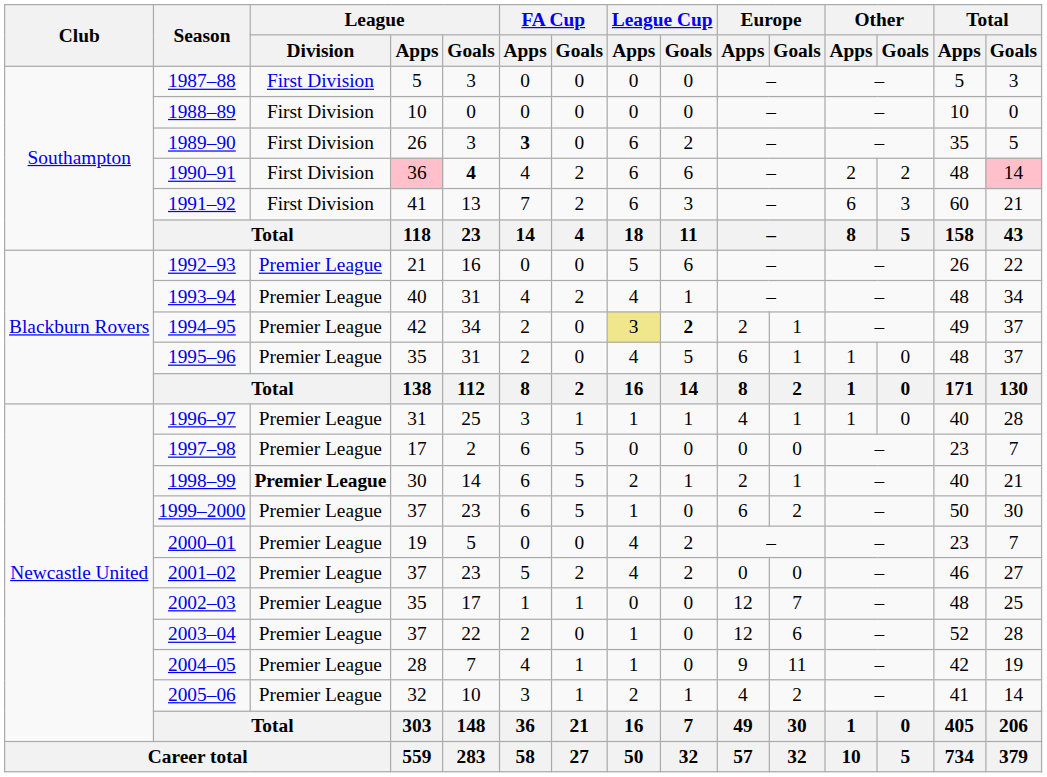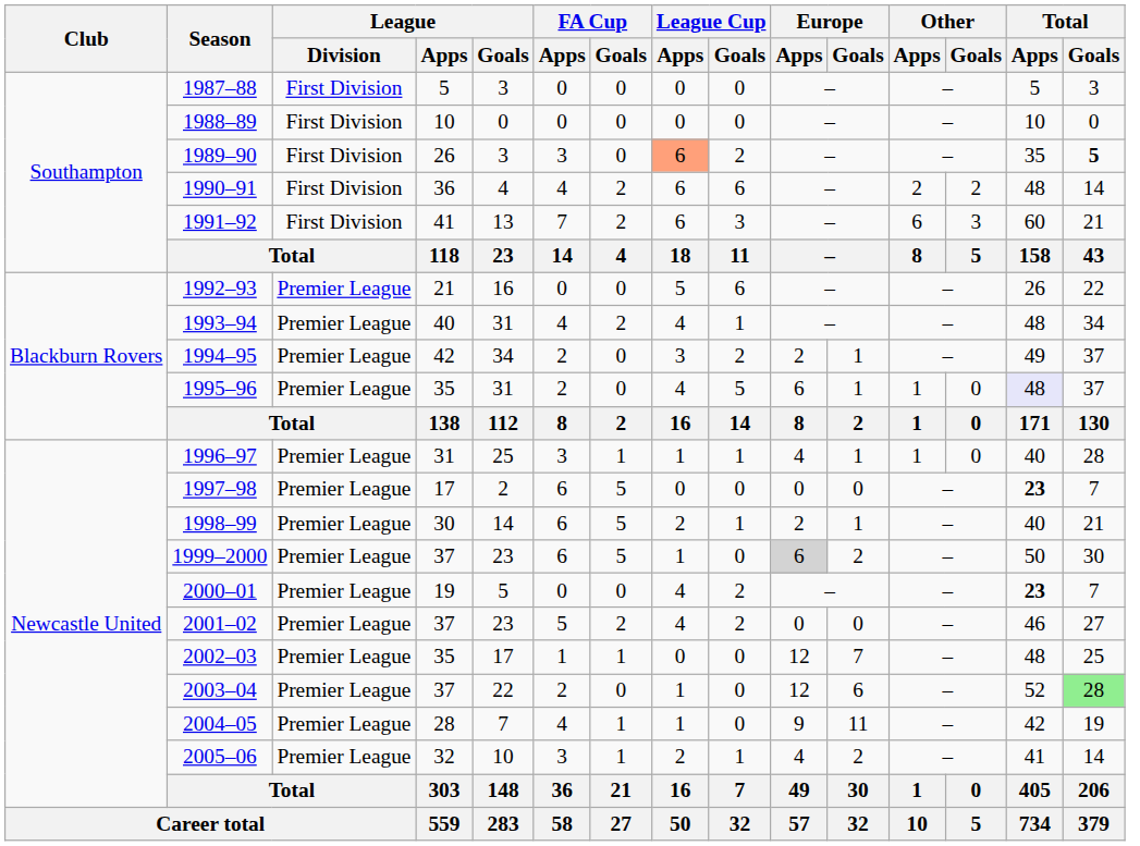 <table class="wikitable" style="text-align:center">
 <tr>
 <th rowspan="2">Club</th>
 <th rowspan="2">Season</th>
 <th colspan="3">League</th>
 <th colspan="2"><a href='#'>FA Cup</a></th>
 <th colspan="2"><a href='#'>League Cup</a></th>
 <th colspan="2">Europe</th>
 <th colspan="2">Other</th>
 <th colspan="2">Total</th>
 </tr>
 <tr>
 <th>Division</th>
 <th>Apps</th>
 <th>Goals</th>
 <th>Apps</th>
 <th>Goals</th>
 <th>Apps</th>
 <th>Goals</th>
 <th>Apps</th>
 <th>Goals</th>
 <th>Apps</th>
 <th>Goals</th>
 <th>Apps</th>
 <th>Goals</th>
 </tr>
 <tr>
 <td rowspan="6"><a href='#'>Southampton</a></td>
 <td><a href='#'>1987–88</a></td>
 <td><a href='#'>First Division</a></td>
 <td>5</td>
 <td>3</td>
 <td>0</td>
 <td>0</td>
 <td>0</td>
 <td>0</td>
 <td colspan="2">–</td>
 <td colspan="2">–</td>
 <td>5</td>
 <td>3</td>
 </tr>
 <tr>
 <td><a href='#'>1988–89</a></td>
 <td>First Division</td>
 <td>10</td>
 <td>0</td>
 <td>0</td>
 <td>0</td>
 <td>0</td>
 <td>0</td>
 <td colspan="2">–</td>
 <td colspan="2">–</td>
 <td>10</td>
 <td>0</td>
 </tr>
 <tr>
 <td><a href='#'>1989–90</a></td>
 <td>First Division</td>
 <td>26</td>
 <td>3</td>
-<td><strong>3</strong></td>
+<td>3</td>
 <td>0</td>
-<td>6</td>
+<td style="background: lightsalmon;">6</td>
 <td>2</td>
 <td colspan="2">–</td>
 <td colspan="2">–</td>
 <td>35</td>
-<td>5</td>
+<td><strong>5</strong></td>
 </tr>
 <tr>
 <td><a href='#'>1990–91</a></td>
 <td>First Division</td>
-<td style="background: pink;">36</td>
-<td><strong>4</strong></td>
+<td>36</td>
+<td>4</td>
 <td>4</td>
 <td>2</td>
 <td>6</td>
 <td>6</td>
 <td colspan="2">–</td>
 <td>2</td>
 <td>2</td>
 <td>48</td>
-<td style="background: pink;">14</td>
+<td>14</td>
 </tr>
 <tr>
 <td><a href='#'>1991–92</a></td>
 <td>First Division</td>
 <td>41</td>
 <td>13</td>
 <td>7</td>
 <td>2</td>
 <td>6</td>
 <td>3</td>
 <td colspan="2">–</td>
 <td>6</td>
 <td>3</td>
 <td>60</td>
 <td>21</td>
 </tr>
 <tr>
 <th colspan="2">Total</th>
 <th>118</th>
 <th>23</th>
 <th>14</th>
 <th>4</th>
 <th>18</th>
 <th>11</th>
 <th colspan="2">–</th>
 <th>8</th>
 <th>5</th>
 <th>158</th>
 <th>43</th>
 </tr>
 <tr>
 <td rowspan="5"><a href='#'>Blackburn Rovers</a></td>
 <td><a href='#'>1992–93</a></td>
 <td><a href='#'>Premier League</a></td>
 <td>21</td>
 <td>16</td>
 <td>0</td>
 <td>0</td>
 <td>5</td>
 <td>6</td>
 <td colspan="2">–</td>
 <td colspan="2">–</td>
 <td>26</td>
 <td>22</td>
 </tr>
 <tr>
 <td><a href='#'>1993–94</a></td>
 <td>Premier League</td>
 <td>40</td>
 <td>31</td>
 <td>4</td>
 <td>2</td>
 <td>4</td>
 <td>1</td>
 <td colspan="2">–</td>
 <td colspan="2">–</td>
 <td>48</td>
 <td>34</td>
 </tr>
 <tr>
 <td><a href='#'>1994–95</a></td>
 <td>Premier League</td>
 <td>42</td>
 <td>34</td>
 <td>2</td>
 <td>0</td>
-<td style="background: khaki;">3</td>
-<td><strong>2</strong></td>
+<td>3</td>
+<td>2</td>
 <td>2</td>
 <td>1</td>
 <td colspan="2">–</td>
 <td>49</td>
 <td>37</td>
 </tr>
 <tr>
 <td><a href='#'>1995–96</a></td>
 <td>Premier League</td>
 <td>35</td>
 <td>31</td>
 <td>2</td>
 <td>0</td>
 <td>4</td>
 <td>5</td>
 <td>6</td>
 <td>1</td>
 <td>1</td>
 <td>0</td>
-<td>48</td>
+<td style="background: lavender;">48</td>
 <td>37</td>
 </tr>
 <tr>
 <th colspan="2">Total</th>
 <th>138</th>
 <th>112</th>
 <th>8</th>
 <th>2</th>
 <th>16</th>
 <th>14</th>
 <th>8</th>
 <th>2</th>
 <th>1</th>
 <th>0</th>
 <th>171</th>
 <th>130</th>
 </tr>
 <tr>
 <td rowspan="11"><a href='#'>Newcastle United</a></td>
 <td><a href='#'>1996–97</a></td>
 <td>Premier League</td>
 <td>31</td>
 <td>25</td>
 <td>3</td>
 <td>1</td>
 <td>1</td>
 <td>1</td>
 <td>4</td>
 <td>1</td>
 <td>1</td>
 <td>0</td>
 <td>40</td>
 <td>28</td>
 </tr>
 <tr>
 <td><a href='#'>1997–98</a></td>
 <td>Premier League</td>
 <td>17</td>
 <td>2</td>
 <td>6</td>
 <td>5</td>
 <td>0</td>
 <td>0</td>
 <td>0</td>
 <td>0</td>
 <td colspan="2">–</td>
-<td>23</td>
+<td><strong>23</strong></td>
 <td>7</td>
 </tr>
 <tr>
 <td><a href='#'>1998–99</a></td>
-<td><strong>Premier League</strong></td>
+<td>Premier League</td>
 <td>30</td>
 <td>14</td>
 <td>6</td>
 <td>5</td>
 <td>2</td>
 <td>1</td>
 <td>2</td>
 <td>1</td>
 <td colspan="2">–</td>
 <td>40</td>
 <td>21</td>
 </tr>
 <tr>
 <td><a href='#'>1999–2000</a></td>
 <td>Premier League</td>
 <td>37</td>
 <td>23</td>
 <td>6</td>
 <td>5</td>
 <td>1</td>
 <td>0</td>
-<td>6</td>
+<td style="background: lightgrey;">6</td>
 <td>2</td>
 <td colspan="2">–</td>
 <td>50</td>
 <td>30</td>
 </tr>
 <tr>
 <td><a href='#'>2000–01</a></td>
 <td>Premier League</td>
 <td>19</td>
 <td>5</td>
 <td>0</td>
 <td>0</td>
 <td>4</td>
 <td>2</td>
 <td colspan="2">–</td>
 <td colspan="2">–</td>
-<td>23</td>
+<td><strong>23</strong></td>
 <td>7</td>
 </tr>
 <tr>
 <td><a href='#'>2001–02</a></td>
 <td>Premier League</td>
 <td>37</td>
 <td>23</td>
 <td>5</td>
 <td>2</td>
 <td>4</td>
 <td>2</td>
 <td>0</td>
 <td>0</td>
 <td colspan="2">–</td>
 <td>46</td>
 <td>27</td>
 </tr>
 <tr>
 <td><a href='#'>2002–03</a></td>
 <td>Premier League</td>
 <td>35</td>
 <td>17</td>
 <td>1</td>
 <td>1</td>
 <td>0</td>
 <td>0</td>
 <td>12</td>
 <td>7</td>
 <td colspan="2">–</td>
 <td>48</td>
 <td>25</td>
 </tr>
 <tr>
 <td><a href='#'>2003–04</a></td>
 <td>Premier League</td>
 <td>37</td>
 <td>22</td>
 <td>2</td>
 <td>0</td>
 <td>1</td>
 <td>0</td>
 <td>12</td>
 <td>6</td>
 <td colspan="2">–</td>
 <td>52</td>
-<td>28</td>
+<td style="background: lightgreen;">28</td>
 </tr>
 <tr>
 <td><a href='#'>2004–05</a></td>
 <td>Premier League</td>
 <td>28</td>
 <td>7</td>
 <td>4</td>
 <td>1</td>
 <td>1</td>
 <td>0</td>
 <td>9</td>
 <td>11</td>
 <td colspan="2">–</td>
 <td>42</td>
 <td>19</td>
 </tr>
 <tr>
 <td><a href='#'>2005–06</a></td>
 <td>Premier League</td>
 <td>32</td>
 <td>10</td>
 <td>3</td>
 <td>1</td>
 <td>2</td>
 <td>1</td>
 <td>4</td>
 <td>2</td>
 <td colspan="2">–</td>
 <td>41</td>
 <td>14</td>
 </tr>
 <tr>
 <th colspan="2">Total</th>
 <th>303</th>
 <th>148</th>
 <th>36</th>
 <th>21</th>
 <th>16</th>
 <th>7</th>
 <th>49</th>
 <th>30</th>
 <th>1</th>
 <th>0</th>
 <th>405</th>
 <th>206</th>
 </tr>
 <tr>
 <th colspan="3">Career total</th>
 <th>559</th>
 <th>283</th>
 <th>58</th>
 <th>27</th>
 <th>50</th>
 <th>32</th>
 <th>57</th>
 <th>32</th>
 <th>10</th>
 <th>5</th>
 <th>734</th>
 <th>379</th>
 </tr>
 </table>
